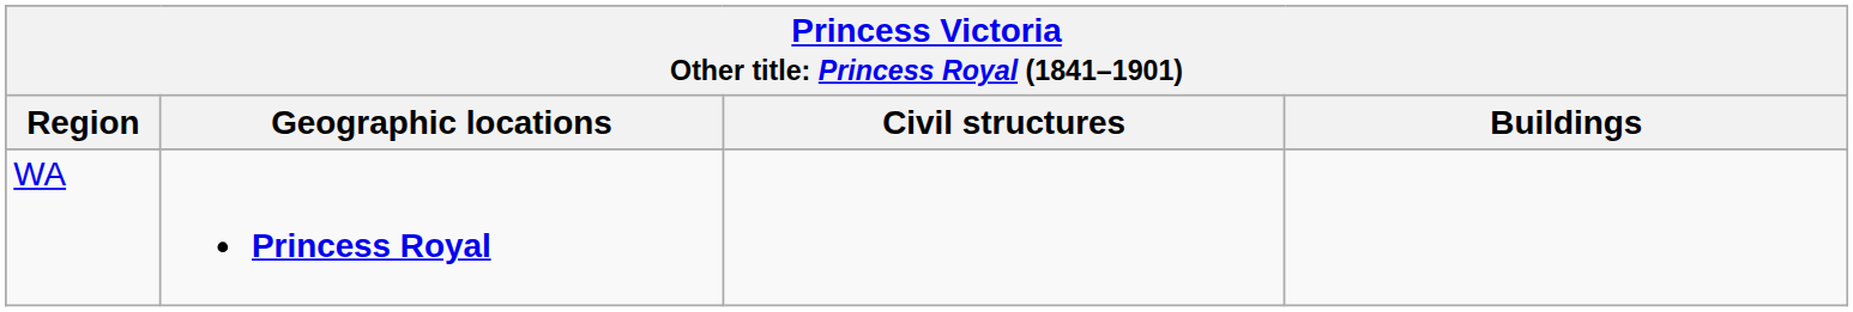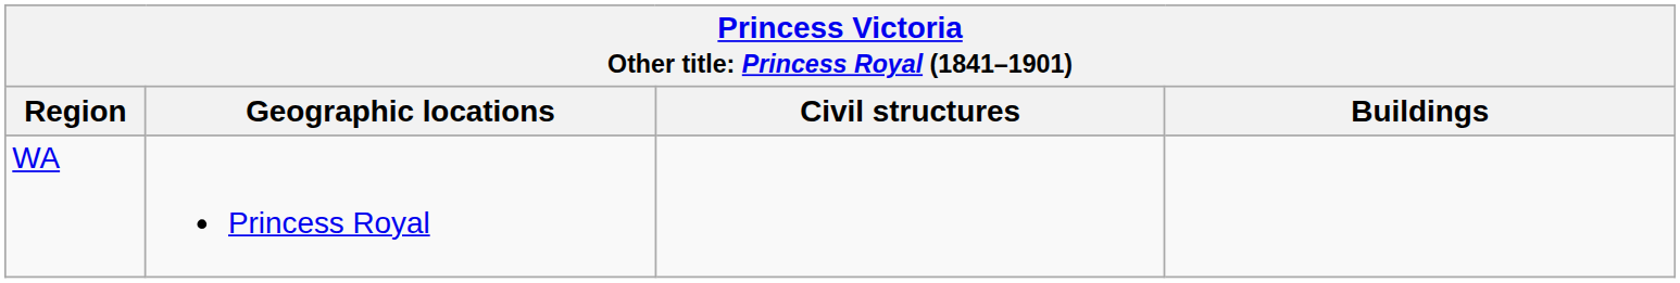 <table class="wikitable" width="100%">
 <tr>
 <th colspan="4"> <a href='#'>Princess Victoria</a><br><small>Other title: <em><a href='#'>Princess Royal</a></em> (1841–1901)</small></th>
 </tr>
 <tr>
 <th width="5%">Region</th>
 <th width="23.75%">Geographic locations</th>
 <th width="23.75%">Civil structures</th>
 <th width="23.75%">Buildings</th>
 </tr>
 <tr>
 <td align=left valign=top> <a href='#'>WA</a></td>
-<td><strong><br><ul><li><a href='#'>Princess Royal</a></li></ul></strong></td>
+<td><br><ul><li><a href='#'>Princess Royal</a></li></ul></td>
 <td></td>
 <td></td>
 </tr>
 </table>
